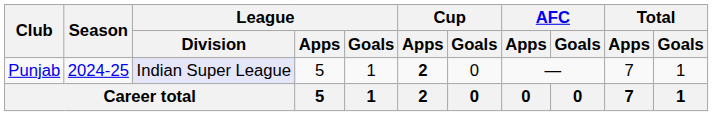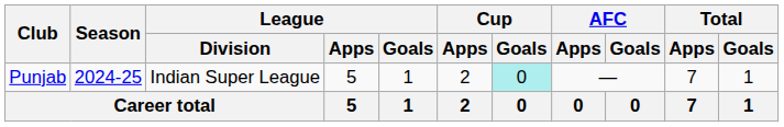 <table class="wikitable" style="text-align: center;">
 <tr>
 <th rowspan="2">Club</th>
 <th rowspan="2">Season</th>
 <th colspan="3">League</th>
 <th colspan="2">Cup</th>
 <th colspan="2"><a href='#'>AFC</a></th>
 <th colspan="2">Total</th>
 </tr>
 <tr>
 <th>Division</th>
 <th>Apps</th>
 <th>Goals</th>
 <th>Apps</th>
 <th>Goals</th>
 <th>Apps</th>
 <th>Goals</th>
 <th>Apps</th>
 <th>Goals</th>
 </tr>
 <tr>
 <td rowspan="1"><a href='#'>Punjab</a></td>
 <td><a href='#'>2024-25</a></td>
-<td rowspan="1" style="background: lavender;">Indian Super League</td>
+<td rowspan="1">Indian Super League</td>
 <td>5</td>
 <td>1</td>
-<td><strong>2</strong></td>
-<td>0</td>
+<td>2</td>
+<td style="background: paleturquoise;">0</td>
 <td colspan="2">—</td>
 <td>7</td>
 <td>1</td>
 </tr>
 <tr>
 <th colspan="3">Career total</th>
 <th>5</th>
 <th>1</th>
 <th>2</th>
 <th>0</th>
 <th>0</th>
 <th>0</th>
 <th>7</th>
 <th>1</th>
 </tr>
 </table>
